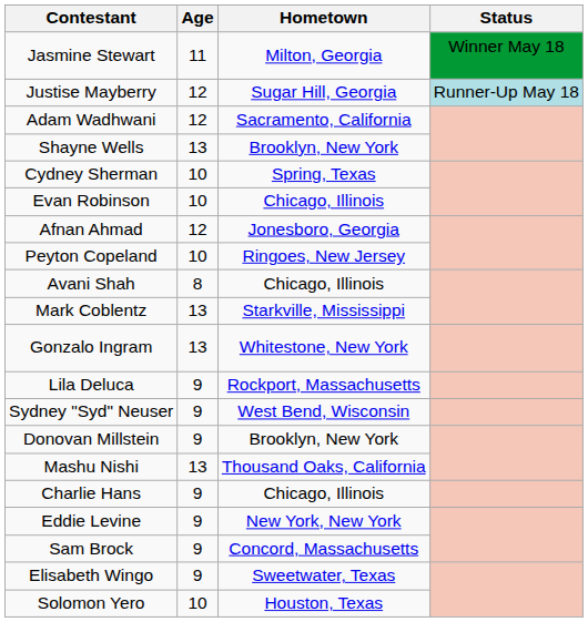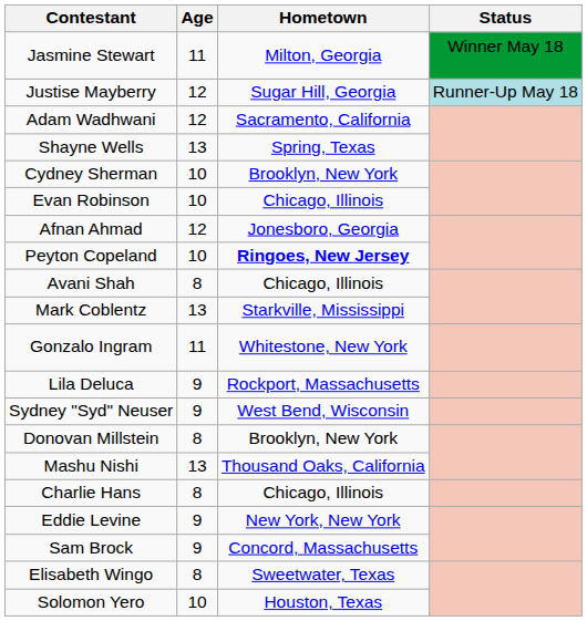 <table class="wikitable sortable" style="text-align:center;">
 <tr>
 <th>Contestant</th>
 <th>Age</th>
 <th>Hometown</th>
 <th>Status</th>
 </tr>
 <tr>
 <td>Jasmine Stewart</td>
 <td>11</td>
 <td><a href='#'>Milton, Georgia</a></td>
 <td style="background:#093;"><span>Winner May 18<br><small><br></small></span></td>
 </tr>
 <tr>
 <td>Justise Mayberry</td>
 <td>12</td>
 <td><a href='#'>Sugar Hill, Georgia</a></td>
 <td style="background:#B0E0E6;">Runner-Up May 18</td>
 </tr>
 <tr>
 <td>Adam Wadhwani</td>
 <td>12</td>
 <td><a href='#'>Sacramento, California</a></td>
 <td style="background:#f4c7b8; text-align:center;" rowspan="2"></td>
 </tr>
 <tr>
 <td>Shayne Wells</td>
 <td>13</td>
-<td><a href='#'>Brooklyn, New York</a></td>
+<td><a href='#'>Spring, Texas</a></td>
 </tr>
 <tr>
 <td>Cydney Sherman</td>
 <td>10</td>
-<td><a href='#'>Spring, Texas</a></td>
+<td><a href='#'>Brooklyn, New York</a></td>
 <td style="background:#f4c7b8; text-align:center;" rowspan="2"></td>
 </tr>
 <tr>
 <td>Evan Robinson</td>
 <td>10</td>
 <td><a href='#'>Chicago, Illinois</a></td>
 </tr>
 <tr>
 <td>Afnan Ahmad</td>
 <td>12</td>
 <td><a href='#'>Jonesboro, Georgia</a></td>
 <td style="background:#f4c7b8; text-align:center;" rowspan="2"></td>
 </tr>
 <tr>
 <td>Peyton Copeland</td>
 <td>10</td>
-<td><a href='#'>Ringoes, New Jersey</a></td>
+<td><strong><a href='#'>Ringoes, New Jersey</a></strong></td>
 </tr>
 <tr>
 <td>Avani Shah</td>
 <td>8</td>
 <td>Chicago, Illinois</td>
 <td style="background:#f4c7b8; text-align:center;" rowspan="2"></td>
 </tr>
 <tr>
 <td>Mark Coblentz</td>
 <td>13</td>
 <td><a href='#'>Starkville, Mississippi</a></td>
 </tr>
 <tr>
 <td>Gonzalo Ingram</td>
-<td>13</td>
+<td>11</td>
 <td><a href='#'>Whitestone, New York</a></td>
 <td style="background:#f4c7b8; text-align:center;" rowspan="1"><br><small><br></small></td>
 </tr>
 <tr>
 <td>Lila Deluca</td>
 <td>9</td>
 <td><a href='#'>Rockport, Massachusetts</a></td>
 <td style="background:#f4c7b8; text-align:center;" rowspan="1"></td>
 </tr>
 <tr>
 <td>Sydney "Syd" Neuser</td>
 <td>9</td>
 <td><a href='#'>West Bend, Wisconsin</a></td>
 <td style="background:#f4c7b8; text-align:center;" rowspan="1"></td>
 </tr>
 <tr>
 <td>Donovan Millstein</td>
-<td>9</td>
+<td>8</td>
 <td>Brooklyn, New York</td>
 <td style="background:#f4c7b8; text-align:center;" rowspan="2"></td>
 </tr>
 <tr>
 <td>Mashu Nishi</td>
 <td>13</td>
 <td><a href='#'>Thousand Oaks, California</a></td>
 </tr>
 <tr>
 <td>Charlie Hans</td>
-<td>9</td>
+<td>8</td>
 <td>Chicago, Illinois</td>
 <td style="background:#f4c7b8; text-align:center;" rowspan="1"></td>
 </tr>
 <tr>
 <td>Eddie Levine</td>
 <td>9</td>
 <td><a href='#'>New York, New York</a></td>
 <td style="background:#f4c7b8; text-align:center;" rowspan="2"></td>
 </tr>
 <tr>
 <td>Sam Brock</td>
 <td>9</td>
 <td><a href='#'>Concord, Massachusetts</a></td>
 </tr>
 <tr>
 <td>Elisabeth Wingo</td>
-<td>9</td>
+<td>8</td>
 <td><a href='#'>Sweetwater, Texas</a></td>
 <td style="background:#f4c7b8; text-align:center;" rowspan="2"></td>
 </tr>
 <tr>
 <td>Solomon Yero</td>
 <td>10</td>
 <td><a href='#'>Houston, Texas</a></td>
 </tr>
 </table>
